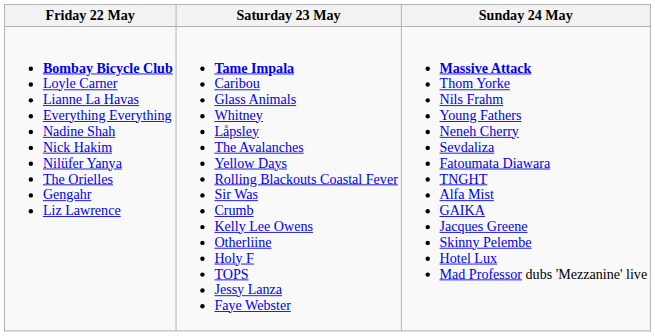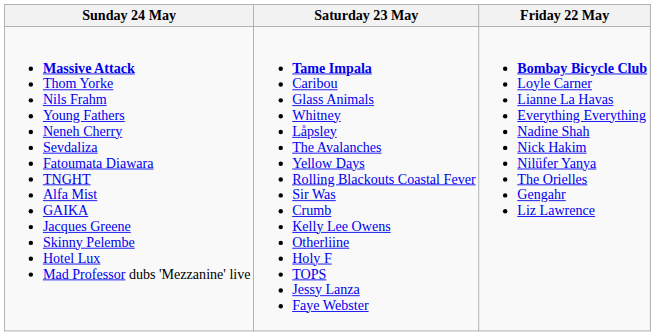 <table class="wikitable">
 <tr>
+<th>Sunday 24 May</th>
+<th>Saturday 23 May</th>
 <th>Friday 22 May</th>
-<th>Saturday 23 May</th>
-<th>Sunday 24 May</th>
 </tr>
 <tr>
+<td style="vertical-align:top;"><br><ul><li><strong><a href='#'>Massive Attack</a></strong></li><li><a href='#'>Thom Yorke</a></li><li><a href='#'>Nils Frahm</a></li><li><a href='#'>Young Fathers</a></li><li><a href='#'>Neneh Cherry</a></li><li><a href='#'>Sevdaliza</a></li><li><a href='#'>Fatoumata Diawara</a></li><li><a href='#'>TNGHT</a></li><li><a href='#'>Alfa Mist</a></li><li><a href='#'>GAIKA</a></li><li><a href='#'>Jacques Greene</a></li><li><a href='#'>Skinny Pelembe</a></li><li><a href='#'>Hotel Lux</a></li><li><a href='#'>Mad Professor</a> dubs 'Mezzanine' live</li></ul></td>
+<td style="vertical-align:top;"><br><ul><li><strong><a href='#'>Tame Impala</a></strong></li><li><a href='#'>Caribou</a></li><li><a href='#'>Glass Animals</a></li><li><a href='#'>Whitney</a></li><li><a href='#'>Låpsley</a></li><li><a href='#'>The Avalanches</a></li><li><a href='#'>Yellow Days</a></li><li><a href='#'>Rolling Blackouts Coastal Fever</a></li><li><a href='#'>Sir Was</a></li><li><a href='#'>Crumb</a></li><li><a href='#'>Kelly Lee Owens</a></li><li><a href='#'>Otherliine</a></li><li><a href='#'>Holy F</a></li><li><a href='#'>TOPS</a></li><li><a href='#'>Jessy Lanza</a></li><li><a href='#'>Faye Webster</a></li></ul></td>
 <td style="vertical-align:top;"><br><ul><li><strong><a href='#'>Bombay Bicycle Club</a></strong></li><li><a href='#'>Loyle Carner</a></li><li><a href='#'>Lianne La Havas</a></li><li><a href='#'>Everything Everything</a></li><li><a href='#'>Nadine Shah</a></li><li><a href='#'>Nick Hakim</a></li><li><a href='#'>Nilüfer Yanya</a></li><li><a href='#'>The Orielles</a></li><li><a href='#'>Gengahr</a></li><li><a href='#'>Liz Lawrence</a></li></ul></td>
-<td style="vertical-align:top;"><br><ul><li><strong><a href='#'>Tame Impala</a></strong></li><li><a href='#'>Caribou</a></li><li><a href='#'>Glass Animals</a></li><li><a href='#'>Whitney</a></li><li><a href='#'>Låpsley</a></li><li><a href='#'>The Avalanches</a></li><li><a href='#'>Yellow Days</a></li><li><a href='#'>Rolling Blackouts Coastal Fever</a></li><li><a href='#'>Sir Was</a></li><li><a href='#'>Crumb</a></li><li><a href='#'>Kelly Lee Owens</a></li><li><a href='#'>Otherliine</a></li><li><a href='#'>Holy F</a></li><li><a href='#'>TOPS</a></li><li><a href='#'>Jessy Lanza</a></li><li><a href='#'>Faye Webster</a></li></ul></td>
-<td style="vertical-align:top;"><br><ul><li><strong><a href='#'>Massive Attack</a></strong></li><li><a href='#'>Thom Yorke</a></li><li><a href='#'>Nils Frahm</a></li><li><a href='#'>Young Fathers</a></li><li><a href='#'>Neneh Cherry</a></li><li><a href='#'>Sevdaliza</a></li><li><a href='#'>Fatoumata Diawara</a></li><li><a href='#'>TNGHT</a></li><li><a href='#'>Alfa Mist</a></li><li><a href='#'>GAIKA</a></li><li><a href='#'>Jacques Greene</a></li><li><a href='#'>Skinny Pelembe</a></li><li><a href='#'>Hotel Lux</a></li><li><a href='#'>Mad Professor</a> dubs 'Mezzanine' live</li></ul></td>
 </tr>
 </table>
